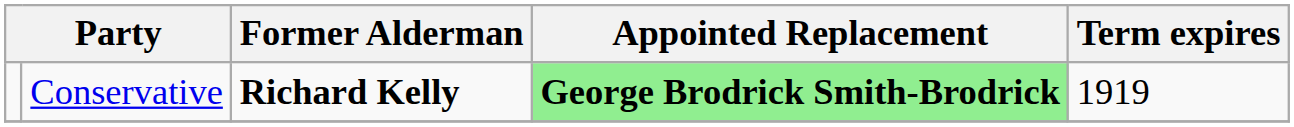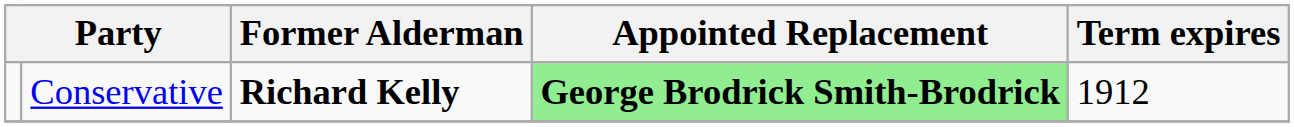 <table class="wikitable">
 <tr>
 <th colspan="2">Party</th>
 <th>Former Alderman</th>
 <th>Appointed Replacement</th>
 <th>Term expires</th>
 </tr>
 <tr>
 <td style="background-color:"></td>
 <td><a href='#'>Conservative</a></td>
 <td><strong>Richard Kelly</strong></td>
 <td style="background: lightgreen;"><strong>George Brodrick Smith-Brodrick</strong></td>
-<td>1919</td>
+<td>1912</td>
 </tr>
 <tr>
 </tr>
 </table>
